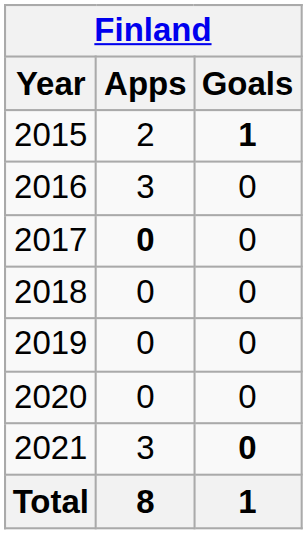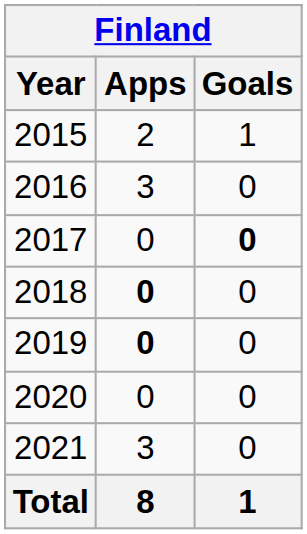 <table class=wikitable style=text-align:center>
 <tr>
 <th colspan=4><a href='#'>Finland</a></th>
 </tr>
 <tr>
 <th>Year</th>
 <th>Apps</th>
 <th>Goals</th>
 </tr>
 <tr>
 <td>2015</td>
 <td>2</td>
-<td><strong>1</strong></td>
+<td>1</td>
 </tr>
 <tr>
 <td>2016</td>
 <td>3</td>
 <td>0</td>
 </tr>
 <tr>
 <td>2017</td>
+<td>0</td>
+<td><strong>0</strong></td>
+</tr>
+<tr>
+<td>2018</td>
 <td><strong>0</strong></td>
 <td>0</td>
 </tr>
 <tr>
-<td>2018</td>
-<td>0</td>
-<td>0</td>
-</tr>
-<tr>
 <td>2019</td>
-<td>0</td>
+<td><strong>0</strong></td>
 <td>0</td>
 </tr>
 <tr>
 <td>2020</td>
 <td>0</td>
 <td>0</td>
 </tr>
 <tr>
 <td>2021</td>
 <td>3</td>
-<td><strong>0</strong></td>
+<td>0</td>
 </tr>
 <tr>
 <th colspan=1>Total</th>
 <th>8</th>
 <th>1</th>
 </tr>
 </table>
